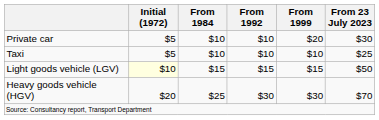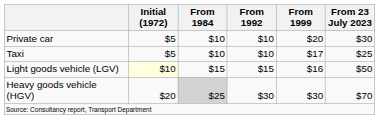 <table class="wikitable">
 <tr>
 <th width="200" height="13"></th>
 <th width="74">Initial (1972)</th>
 <th width="74">From 1984</th>
 <th width="74">From 1992</th>
 <th width="74">From 1999</th>
 <th width="74">From 23 July 2023</th>
 </tr>
 <tr>
 <td style="text-decoration:none" height="13" valign="bottom">Private car</td>
 <td align="right" valign="bottom">$5</td>
 <td align="right" valign="bottom">$10</td>
 <td align="right" valign="bottom">$10</td>
 <td align="right" valign="bottom">$20</td>
 <td align="right" valign="bottom">$30</td>
 </tr>
 <tr>
 <td height="13" valign="bottom">Taxi</td>
 <td align="right" valign="bottom">$5</td>
 <td align="right" valign="bottom">$10</td>
 <td align="right" valign="bottom">$10</td>
-<td align="right" valign="bottom">$10</td>
+<td align="right" valign="bottom">$17</td>
 <td align="right" valign="bottom">$25</td>
 </tr>
 <tr>
 <td height="13" valign="bottom">Light goods vehicle (LGV)</td>
 <td align="right" valign="bottom" style="background: lightyellow;">$10</td>
 <td align="right" valign="bottom">$15</td>
 <td align="right" valign="bottom">$15</td>
-<td align="right" valign="bottom">$15</td>
+<td align="right" valign="bottom">$16</td>
 <td align="right" valign="bottom">$50</td>
 </tr>
 <tr>
 <td height="14" valign="bottom">Heavy goods vehicle (HGV)</td>
 <td align="right" valign="bottom">$20</td>
-<td align="right" valign="bottom">$25</td>
+<td align="right" valign="bottom" style="background: lightgrey;">$25</td>
 <td align="right" valign="bottom">$30</td>
 <td align="right" valign="bottom">$30</td>
 <td align="right" valign="bottom">$70</td>
 </tr>
 <tr valign="bottom">
 <td colspan="6" style="font-size:8pt" height="13">Source: Consultancy report, Transport Department</td>
 </tr>
 </table>
